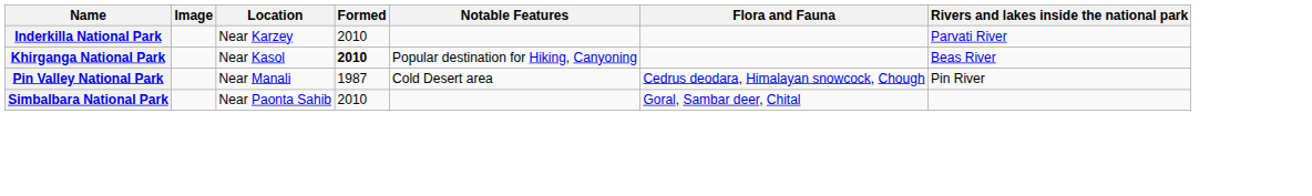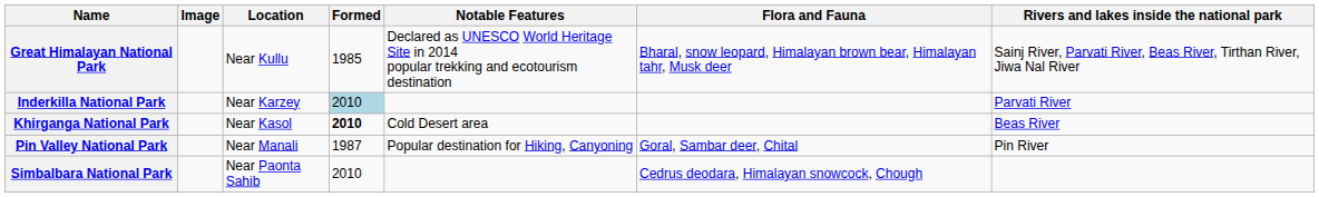 <table class="wikitable sortable">
 <tr>
 <th>Name</th>
 <th>Image</th>
 <th>Location</th>
 <th>Formed</th>
 <th>Notable Features</th>
 <th>Flora and Fauna</th>
 <th>Rivers and lakes inside the national park</th>
 </tr>
 <tr>
+<th><a href='#'>Great Himalayan National Park</a></th>
+<td><br> </td>
+<td>Near <a href='#'>Kullu</a></td>
+<td>1985</td>
+<td>Declared as <a href='#'>UNESCO</a> <a href='#'>World Heritage Site</a> in 2014<br>popular trekking and ecotourism destination</td>
+<td><a href='#'>Bharal</a>, <a href='#'>snow leopard</a>, <a href='#'>Himalayan brown bear</a>, <a href='#'>Himalayan tahr</a>, <a href='#'>Musk deer</a></td>
+<td>Sainj River, <a href='#'>Parvati River</a>, <a href='#'>Beas River</a>, Tirthan River, Jiwa Nal River</td>
+</tr>
+<tr>
 <th><a href='#'>Inderkilla National Park</a></th>
 <td></td>
 <td>Near <a href='#'>Karzey</a></td>
-<td>2010</td>
+<td style="background: lightblue;">2010</td>
 <td></td>
 <td></td>
 <td><a href='#'>Parvati River</a></td>
 </tr>
 <tr>
 <th><a href='#'>Khirganga National Park</a></th>
 <td><br> </td>
 <td>Near <a href='#'>Kasol</a></td>
 <td><strong>2010</strong></td>
-<td>Popular destination for <a href='#'>Hiking</a>, <a href='#'>Canyoning</a></td>
+<td>Cold Desert area</td>
 <td></td>
 <td><a href='#'>Beas River</a></td>
 </tr>
 <tr>
 <th><a href='#'>Pin Valley National Park</a></th>
 <td></td>
 <td>Near <a href='#'>Manali</a></td>
 <td>1987</td>
-<td>Cold Desert area</td>
-<td><a href='#'>Cedrus deodara</a>, <a href='#'>Himalayan snowcock</a>, <a href='#'>Chough</a></td>
+<td>Popular destination for <a href='#'>Hiking</a>, <a href='#'>Canyoning</a></td>
+<td><a href='#'>Goral</a>, <a href='#'>Sambar deer</a>, <a href='#'>Chital</a></td>
 <td>Pin River</td>
 </tr>
 <tr>
 <th><a href='#'>Simbalbara National Park</a></th>
 <td></td>
 <td>Near <a href='#'>Paonta Sahib</a></td>
 <td>2010</td>
 <td></td>
-<td><a href='#'>Goral</a>, <a href='#'>Sambar deer</a>, <a href='#'>Chital</a></td>
+<td><a href='#'>Cedrus deodara</a>, <a href='#'>Himalayan snowcock</a>, <a href='#'>Chough</a></td>
 <td></td>
 </tr>
 </table>
